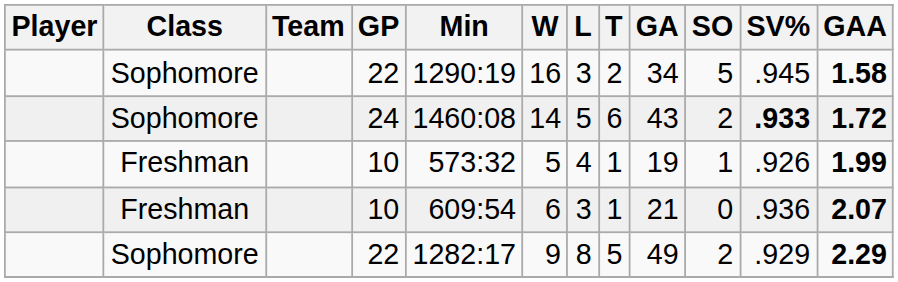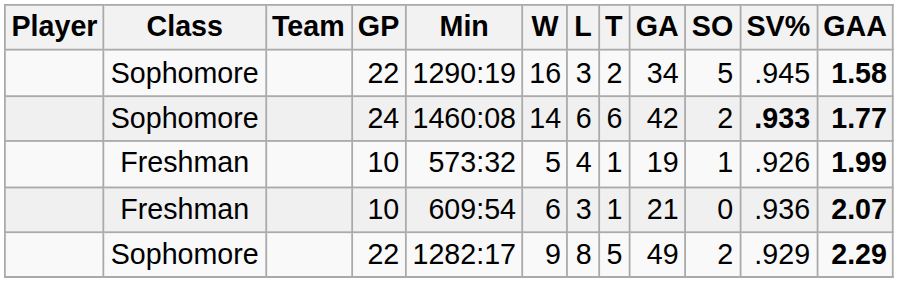 <table class="wikitable sortable" style="text-align: center; "width=60%">
 <tr>
 <th>Player</th>
 <th>Class</th>
 <th>Team</th>
 <th>GP</th>
 <th>Min</th>
 <th>W</th>
 <th>L</th>
 <th>T</th>
 <th>GA</th>
 <th>SO</th>
 <th>SV%</th>
 <th>GAA</th>
 </tr>
 <tr>
 <td style="text-align: left"></td>
 <td>Sophomore</td>
 <td><strong><a href='#'></a></strong></td>
 <td style="text-align: right">22</td>
 <td style="text-align: right">1290:19</td>
 <td style="text-align: right">16</td>
 <td style="text-align: right">3</td>
 <td style="text-align: right">2</td>
 <td style="text-align: right">34</td>
 <td style="text-align: right">5</td>
 <td style="text-align: right">.945</td>
 <td style="text-align: right"><strong>1.58</strong></td>
 </tr>
 <tr bgcolor=f0f0f0>
 <td style="text-align: left"></td>
 <td>Sophomore</td>
 <td><strong><a href='#'></a></strong></td>
 <td style="text-align: right">24</td>
 <td style="text-align: right">1460:08</td>
 <td style="text-align: right">14</td>
-<td style="text-align: right">5</td>
 <td style="text-align: right">6</td>
-<td style="text-align: right">43</td>
+<td style="text-align: right">6</td>
+<td style="text-align: right">42</td>
 <td style="text-align: right">2</td>
 <td style="text-align: right"><strong>.933</strong></td>
-<td style="text-align: right"><strong>1.72</strong></td>
+<td style="text-align: right"><strong>1.77</strong></td>
 </tr>
 <tr>
 <td style="text-align: left"></td>
 <td>Freshman</td>
 <td><strong><a href='#'></a></strong></td>
 <td style="text-align: right">10</td>
 <td style="text-align: right">573:32</td>
 <td style="text-align: right">5</td>
 <td style="text-align: right">4</td>
 <td style="text-align: right">1</td>
 <td style="text-align: right">19</td>
 <td style="text-align: right">1</td>
 <td style="text-align: right">.926</td>
 <td style="text-align: right"><strong>1.99</strong></td>
 </tr>
 <tr bgcolor=f0f0f0>
 <td style="text-align: left"></td>
 <td>Freshman</td>
 <td><strong><a href='#'></a></strong></td>
 <td style="text-align: right">10</td>
 <td style="text-align: right">609:54</td>
 <td style="text-align: right">6</td>
 <td style="text-align: right">3</td>
 <td style="text-align: right">1</td>
 <td style="text-align: right">21</td>
 <td style="text-align: right">0</td>
 <td style="text-align: right">.936</td>
 <td style="text-align: right"><strong>2.07</strong></td>
 </tr>
 <tr>
 <td style="text-align: left"></td>
 <td>Sophomore</td>
 <td><strong><a href='#'></a></strong></td>
 <td style="text-align: right">22</td>
 <td style="text-align: right">1282:17</td>
 <td style="text-align: right">9</td>
 <td style="text-align: right">8</td>
 <td style="text-align: right">5</td>
 <td style="text-align: right">49</td>
 <td style="text-align: right">2</td>
 <td style="text-align: right">.929</td>
 <td style="text-align: right"><strong>2.29</strong></td>
 </tr>
 <tr>
 </tr>
 </table>
